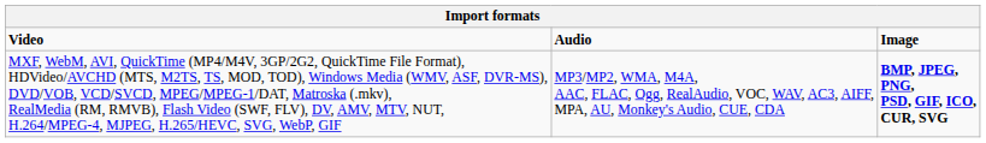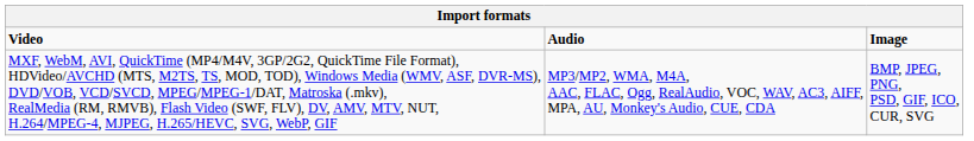 <table class="wikitable">
 <tr>
 <th colspan="3">Import formats</th>
 </tr>
 <tr>
 <td><strong>Video</strong></td>
 <td><strong>Audio</strong></td>
 <td><strong>Image</strong></td>
 </tr>
 <tr>
 <td><a href='#'>MXF</a>, <a href='#'>WebM</a>, <a href='#'>AVI</a>, <a href='#'>QuickTime</a> (MP4/M4V, 3GP/2G2, QuickTime File Format),<br> HDVideo/<a href='#'>AVCHD</a> (MTS, <a href='#'>M2TS</a>, <a href='#'>TS</a>, MOD, TOD), <a href='#'>Windows Media</a> (<a href='#'>WMV</a>, <a href='#'>ASF</a>, <a href='#'>DVR-MS</a>),<br> <a href='#'>DVD</a>/<a href='#'>VOB</a>, <a href='#'>VCD</a>/<a href='#'>SVCD</a>, <a href='#'>MPEG</a>/<a href='#'>MPEG-1</a>/DAT, <a href='#'>Matroska</a> (.mkv),<br> <a href='#'>RealMedia</a> (RM, RMVB), <a href='#'>Flash Video</a> (SWF, FLV), <a href='#'>DV</a>, <a href='#'>AMV</a>, <a href='#'>MTV</a>, NUT,<br> <a href='#'>H.264</a>/<a href='#'>MPEG-4</a>, <a href='#'>MJPEG</a>, <a href='#'>H.265/HEVC</a>, <a href='#'>SVG</a>, <a href='#'>WebP</a>, <a href='#'>GIF</a></td>
 <td><a href='#'>MP3</a>/<a href='#'>MP2</a>, <a href='#'>WMA</a>, <a href='#'>M4A</a>,<br> <a href='#'>AAC</a>, <a href='#'>FLAC</a>, <a href='#'>Ogg</a>, <a href='#'>RealAudio</a>, VOC, <a href='#'>WAV</a>, <a href='#'>AC3</a>, <a href='#'>AIFF</a>,<br> MPA, <a href='#'>AU</a>, <a href='#'>Monkey's Audio</a>, <a href='#'>CUE</a>, <a href='#'>CDA</a></td>
-<td><strong><a href='#'>BMP</a>, <a href='#'>JPEG</a>,<br> <a href='#'>PNG</a>,<br> <a href='#'>PSD</a>, <a href='#'>GIF</a>, <a href='#'>ICO</a>,<br> CUR, SVG</strong></td>
+<td><a href='#'>BMP</a>, <a href='#'>JPEG</a>,<br> <a href='#'>PNG</a>,<br> <a href='#'>PSD</a>, <a href='#'>GIF</a>, <a href='#'>ICO</a>,<br> CUR, SVG</td>
 </tr>
 </table>
